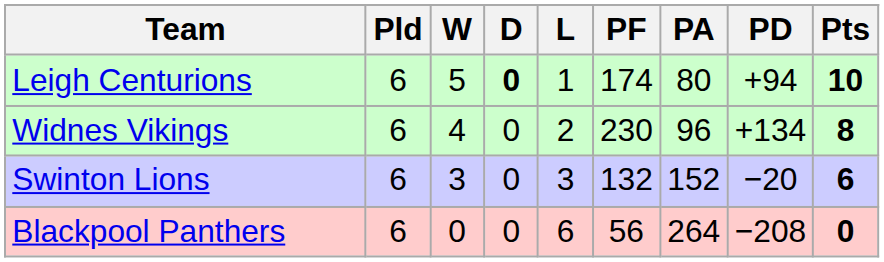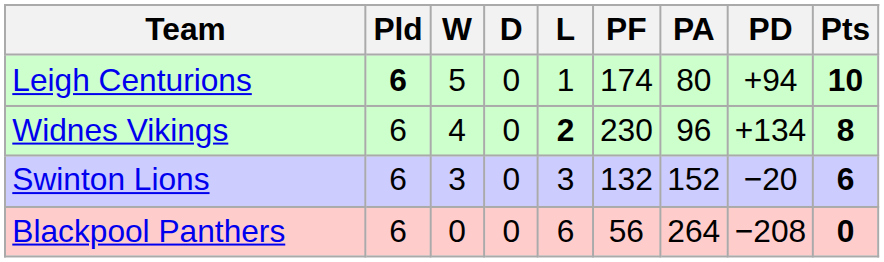 <table class="wikitable" style="text-align: center;">
 <tr>
 </tr>
 <tr>
 <th width="175">Team</th>
 <th width="20">Pld</th>
 <th width="20">W</th>
 <th width="20">D</th>
 <th width="20">L</th>
 <th width="20">PF</th>
 <th width="20">PA</th>
 <th width="20">PD</th>
 <th width="20">Pts</th>
 </tr>
 <tr bgcolor=#ccffcc>
 <td align=left><a href='#'>Leigh Centurions</a></td>
-<td>6</td>
+<td><strong>6</strong></td>
 <td>5</td>
-<td><strong>0</strong></td>
+<td>0</td>
 <td>1</td>
 <td>174</td>
 <td>80</td>
 <td>+94</td>
 <td><strong>10</strong></td>
 </tr>
 <tr bgcolor=#ccffcc>
 <td align=left><a href='#'>Widnes Vikings</a></td>
 <td>6</td>
 <td>4</td>
 <td>0</td>
-<td>2</td>
+<td><strong>2</strong></td>
 <td>230</td>
 <td>96</td>
 <td>+134</td>
 <td><strong>8</strong></td>
 </tr>
 <tr bgcolor=#ccccff>
 <td align=left><a href='#'>Swinton Lions</a></td>
 <td>6</td>
 <td>3</td>
 <td>0</td>
 <td>3</td>
 <td>132</td>
 <td>152</td>
 <td>−20</td>
 <td><strong>6</strong></td>
 </tr>
 <tr bgcolor=#ffcccc>
 <td align=left><a href='#'>Blackpool Panthers</a></td>
 <td>6</td>
 <td>0</td>
 <td>0</td>
 <td>6</td>
 <td>56</td>
 <td>264</td>
 <td>−208</td>
 <td><strong>0</strong></td>
 </tr>
 </table>
